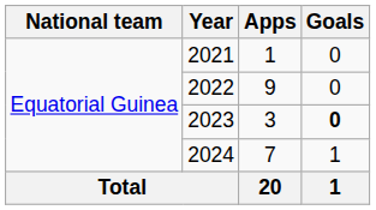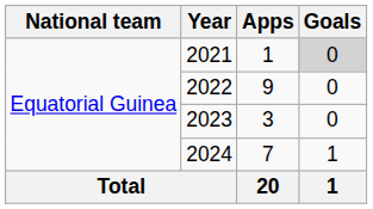 <table class="wikitable" style="text-align:center">
 <tr>
 <th>National team</th>
 <th>Year</th>
 <th>Apps</th>
 <th>Goals</th>
 </tr>
 <tr>
 <td rowspan="4"><a href='#'>Equatorial Guinea</a></td>
 <td>2021</td>
 <td>1</td>
-<td>0</td>
+<td style="background: lightgrey;">0</td>
 </tr>
 <tr>
 <td>2022</td>
 <td>9</td>
 <td>0</td>
 </tr>
 <tr>
 <td>2023</td>
 <td>3</td>
-<td><strong>0</strong></td>
+<td>0</td>
 </tr>
 <tr>
 <td>2024</td>
 <td>7</td>
 <td>1</td>
 </tr>
 <tr>
 <th colspan="2">Total</th>
 <th>20</th>
 <th>1</th>
 </tr>
 </table>
